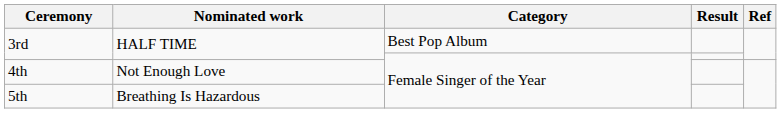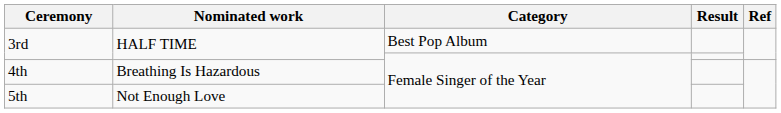 <table class="wikitable"  width="92%">
 <tr>
 <th width="12%">Ceremony</th>
 <th width="30%">Nominated work</th>
 <th width="34%">Category</th>
 <th width="3%">Result</th>
 <th width="2%">Ref</th>
 </tr>
 <tr>
 <td rowspan=2>3rd</td>
 <td rowspan=2>HALF TIME</td>
 <td>Best Pop Album</td>
 <td></td>
 <td rowspan=2></td>
 </tr>
 <tr>
 <td rowspan=3>Female Singer of the Year</td>
 <td></td>
 </tr>
 <tr>
 <td>4th</td>
-<td>Not Enough Love</td>
+<td>Breathing Is Hazardous</td>
 <td></td>
 <td rowspan=2></td>
 </tr>
 <tr>
 <td>5th</td>
-<td>Breathing Is Hazardous</td>
+<td>Not Enough Love</td>
 <td></td>
 </tr>
 </table>
